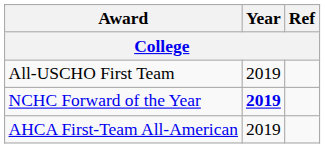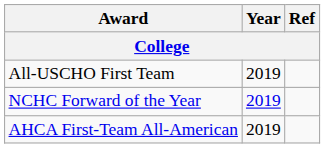 <table class="wikitable">
 <tr>
 <th>Award</th>
 <th>Year</th>
 <th>Ref</th>
 </tr>
 <tr>
 <th colspan="3"><a href='#'>College</a></th>
 </tr>
 <tr>
 <td>All-USCHO First Team</td>
 <td>2019</td>
 <td></td>
 </tr>
 <tr>
 <td><a href='#'>NCHC Forward of the Year</a></td>
-<td><strong><a href='#'>2019</a></strong></td>
+<td><a href='#'>2019</a></td>
 <td></td>
 </tr>
 <tr>
 <td><a href='#'>AHCA First-Team All-American</a></td>
 <td>2019</td>
 <td></td>
 </tr>
 </table>
